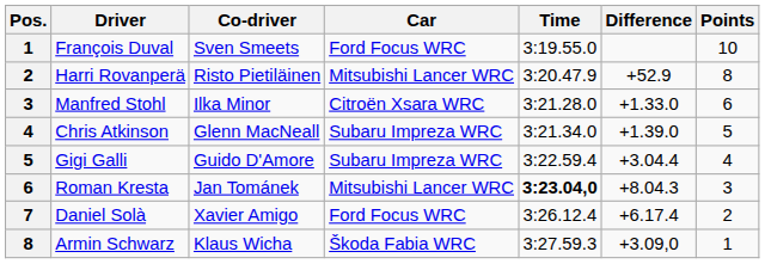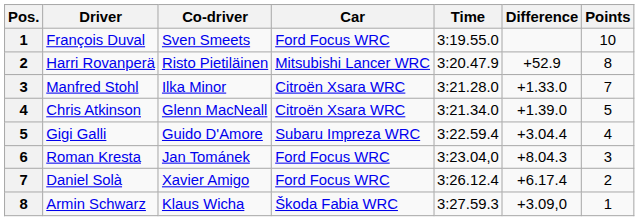 <table class="wikitable" style="text-align: center; font-size:90%;">
 <tr>
 <th>Pos.</th>
 <th>Driver</th>
 <th>Co-driver</th>
 <th>Car</th>
 <th>Time</th>
 <th>Difference</th>
 <th>Points</th>
 </tr>
 <tr>
 <th>1</th>
 <td align=left> <a href='#'>François Duval</a></td>
 <td align=left> <a href='#'>Sven Smeets</a></td>
 <td align=left><a href='#'>Ford Focus WRC</a></td>
 <td>3:19.55.0</td>
 <td></td>
 <td>10</td>
 </tr>
 <tr>
 <th>2</th>
 <td align=left> <a href='#'>Harri Rovanperä</a></td>
 <td align=left> <a href='#'>Risto Pietiläinen</a></td>
 <td align=left><a href='#'>Mitsubishi Lancer WRC</a></td>
 <td>3:20.47.9</td>
 <td>+52.9</td>
 <td>8</td>
 </tr>
 <tr>
 <th>3</th>
 <td align=left> <a href='#'>Manfred Stohl</a></td>
 <td align=left> <a href='#'>Ilka Minor</a></td>
 <td align=left><a href='#'>Citroën Xsara WRC</a></td>
 <td>3:21.28.0</td>
 <td>+1.33.0</td>
-<td>6</td>
+<td>7</td>
 </tr>
 <tr>
 <th>4</th>
 <td align=left> <a href='#'>Chris Atkinson</a></td>
 <td align=left> <a href='#'>Glenn MacNeall</a></td>
-<td align=left><a href='#'>Subaru Impreza WRC</a></td>
+<td align=left><a href='#'>Citroën Xsara WRC</a></td>
 <td>3:21.34.0</td>
 <td>+1.39.0</td>
 <td>5</td>
 </tr>
 <tr>
 <th>5</th>
 <td align=left> <a href='#'>Gigi Galli</a></td>
 <td align=left> <a href='#'>Guido D'Amore</a></td>
 <td align=left><a href='#'>Subaru Impreza WRC</a></td>
 <td>3:22.59.4</td>
 <td>+3.04.4</td>
 <td>4</td>
 </tr>
 <tr>
 <th>6</th>
 <td align=left> <a href='#'>Roman Kresta</a></td>
 <td align=left> <a href='#'>Jan Tománek</a></td>
-<td align=left><a href='#'>Mitsubishi Lancer WRC</a></td>
-<td><strong>3:23.04,0</strong></td>
+<td align=left><a href='#'>Ford Focus WRC</a></td>
+<td>3:23.04,0</td>
 <td>+8.04.3</td>
 <td>3</td>
 </tr>
 <tr>
 <th>7</th>
 <td align=left> <a href='#'>Daniel Solà</a></td>
 <td align=left> <a href='#'>Xavier Amigo</a></td>
 <td align=left><a href='#'>Ford Focus WRC</a></td>
 <td>3:26.12.4</td>
 <td>+6.17.4</td>
 <td>2</td>
 </tr>
 <tr>
 <th>8</th>
 <td align=left> <a href='#'>Armin Schwarz</a></td>
 <td align=left> <a href='#'>Klaus Wicha</a></td>
 <td align=left><a href='#'>Škoda Fabia WRC</a></td>
 <td>3:27.59.3</td>
 <td>+3.09,0</td>
 <td>1</td>
 </tr>
 </table>
